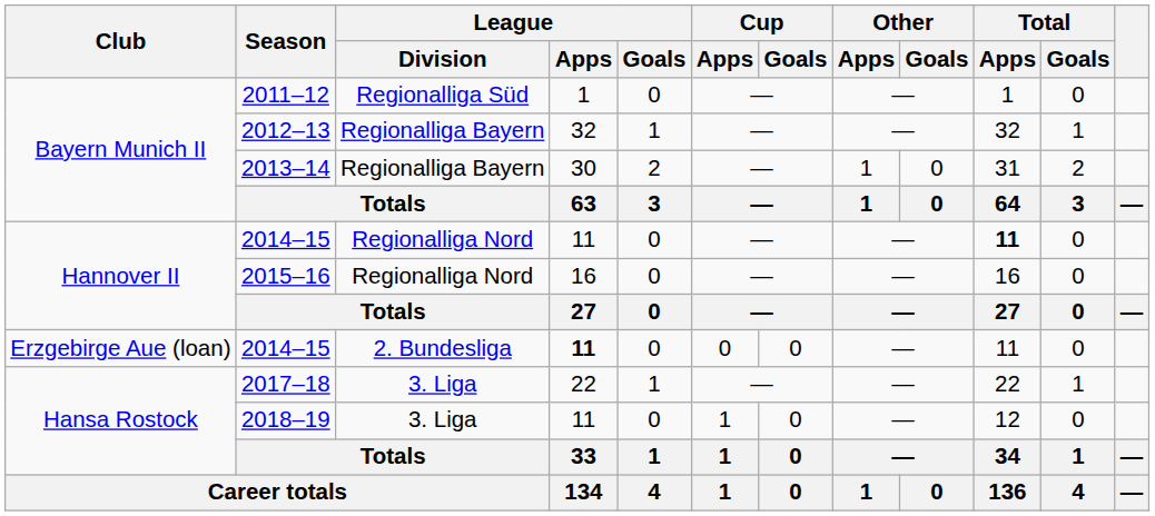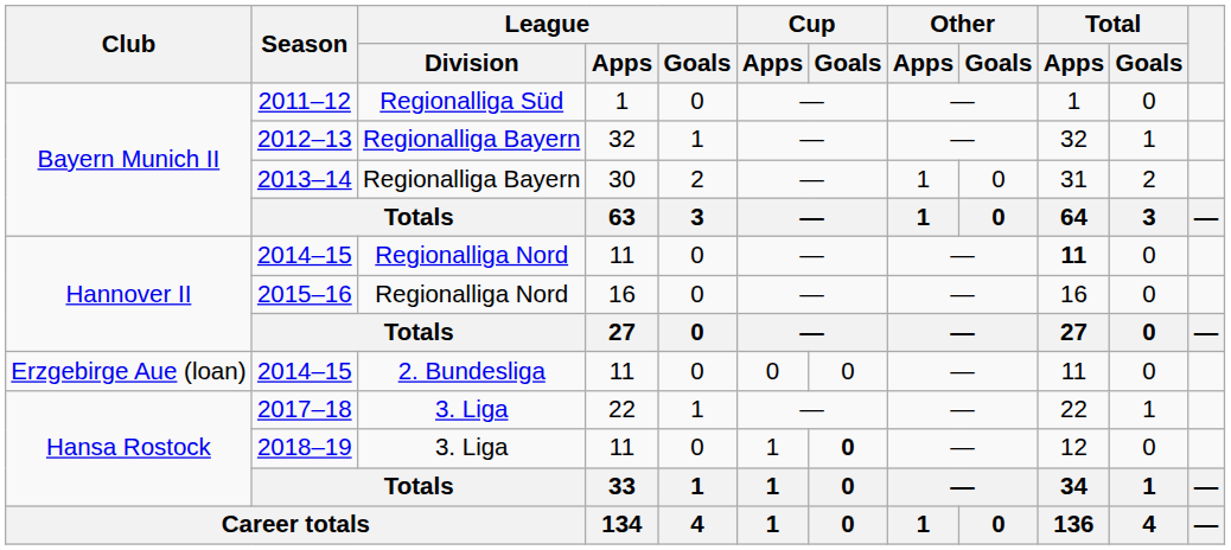 <table class="wikitable" Style="text-align: center">
 <tr>
 <th rowspan="2">Club</th>
 <th rowspan="2">Season</th>
 <th colspan="3">League</th>
 <th colspan="2">Cup</th>
 <th colspan="2">Other</th>
 <th colspan="2">Total</th>
 <th rowspan="2"></th>
 </tr>
 <tr>
 <th>Division</th>
 <th>Apps</th>
 <th>Goals</th>
 <th>Apps</th>
 <th>Goals</th>
 <th>Apps</th>
 <th>Goals</th>
 <th>Apps</th>
 <th>Goals</th>
 </tr>
 <tr>
 <td rowspan="4"><a href='#'>Bayern Munich II</a></td>
 <td><a href='#'>2011–12</a></td>
 <td><a href='#'>Regionalliga Süd</a></td>
 <td>1</td>
 <td>0</td>
 <td colspan="2">—</td>
 <td colspan="2">—</td>
 <td>1</td>
 <td>0</td>
 <td></td>
 </tr>
 <tr>
 <td><a href='#'>2012–13</a></td>
 <td><a href='#'>Regionalliga Bayern</a></td>
 <td>32</td>
 <td>1</td>
 <td colspan="2">—</td>
 <td colspan="2">—</td>
 <td>32</td>
 <td>1</td>
 <td></td>
 </tr>
 <tr>
 <td><a href='#'>2013–14</a></td>
 <td>Regionalliga Bayern</td>
 <td>30</td>
 <td>2</td>
 <td colspan="2">—</td>
 <td>1</td>
 <td>0</td>
 <td>31</td>
 <td>2</td>
 <td></td>
 </tr>
 <tr>
 <th colspan="2">Totals</th>
 <th>63</th>
 <th>3</th>
 <th colspan="2">—</th>
 <th>1</th>
 <th>0</th>
 <th>64</th>
 <th>3</th>
 <th>—</th>
 </tr>
 <tr>
 <td rowspan="3"><a href='#'>Hannover II</a></td>
 <td><a href='#'>2014–15</a></td>
 <td><a href='#'>Regionalliga Nord</a></td>
 <td>11</td>
 <td>0</td>
 <td colspan="2">—</td>
 <td colspan="2">—</td>
 <td><strong>11</strong></td>
 <td>0</td>
 <td></td>
 </tr>
 <tr>
 <td><a href='#'>2015–16</a></td>
 <td>Regionalliga Nord</td>
 <td>16</td>
 <td>0</td>
 <td colspan="2">—</td>
 <td colspan="2">—</td>
 <td>16</td>
 <td>0</td>
 <td></td>
 </tr>
 <tr>
 <th colspan="2">Totals</th>
 <th>27</th>
 <th>0</th>
 <th colspan="2">—</th>
 <th colspan="2">—</th>
 <th>27</th>
 <th>0</th>
 <th>—</th>
 </tr>
 <tr>
 <td><a href='#'>Erzgebirge Aue</a> (loan)</td>
 <td><a href='#'>2014–15</a></td>
 <td><a href='#'>2. Bundesliga</a></td>
-<td><strong>11</strong></td>
+<td>11</td>
 <td>0</td>
 <td>0</td>
 <td>0</td>
 <td colspan="2">—</td>
 <td>11</td>
 <td>0</td>
 <td></td>
 </tr>
 <tr>
 <td rowspan="3"><a href='#'>Hansa Rostock</a></td>
 <td><a href='#'>2017–18</a></td>
 <td><a href='#'>3. Liga</a></td>
 <td>22</td>
 <td>1</td>
 <td colspan="2">—</td>
 <td colspan="2">—</td>
 <td>22</td>
 <td>1</td>
 <td></td>
 </tr>
 <tr>
 <td><a href='#'>2018–19</a></td>
 <td>3. Liga</td>
 <td>11</td>
 <td>0</td>
 <td>1</td>
-<td>0</td>
+<td><strong>0</strong></td>
 <td colspan="2">—</td>
 <td>12</td>
 <td>0</td>
 <td></td>
 </tr>
 <tr>
 <th colspan="2">Totals</th>
 <th>33</th>
 <th>1</th>
 <th>1</th>
 <th>0</th>
 <th colspan="2">—</th>
 <th>34</th>
 <th>1</th>
 <th>—</th>
 </tr>
 <tr>
 <th colspan="3">Career totals</th>
 <th>134</th>
 <th>4</th>
 <th>1</th>
 <th>0</th>
 <th>1</th>
 <th>0</th>
 <th>136</th>
 <th>4</th>
 <th>—</th>
 </tr>
 </table>
